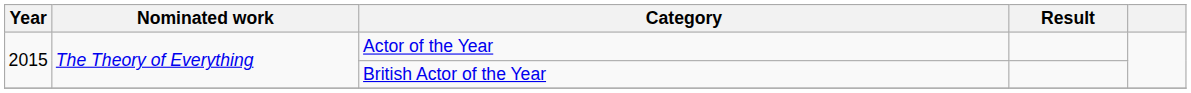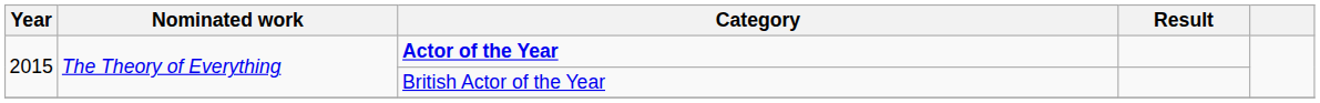 <table class=wikitable>
 <tr>
 <th width=4%>Year</th>
 <th width=26%>Nominated work</th>
 <th width=55%>Category</th>
 <th width=10%>Result</th>
 <th width=5%></th>
 </tr>
 <tr>
 <td rowspan="2">2015</td>
 <td rowspan="2"><em><a href='#'>The Theory of Everything</a></em></td>
-<td><a href='#'>Actor of the Year</a></td>
+<td><strong><a href='#'>Actor of the Year</a></strong></td>
 <td></td>
 <td rowspan="2"></td>
 </tr>
 <tr>
 <td><a href='#'>British Actor of the Year</a></td>
 <td></td>
 </tr>
 <tr>
 </tr>
 </table>
